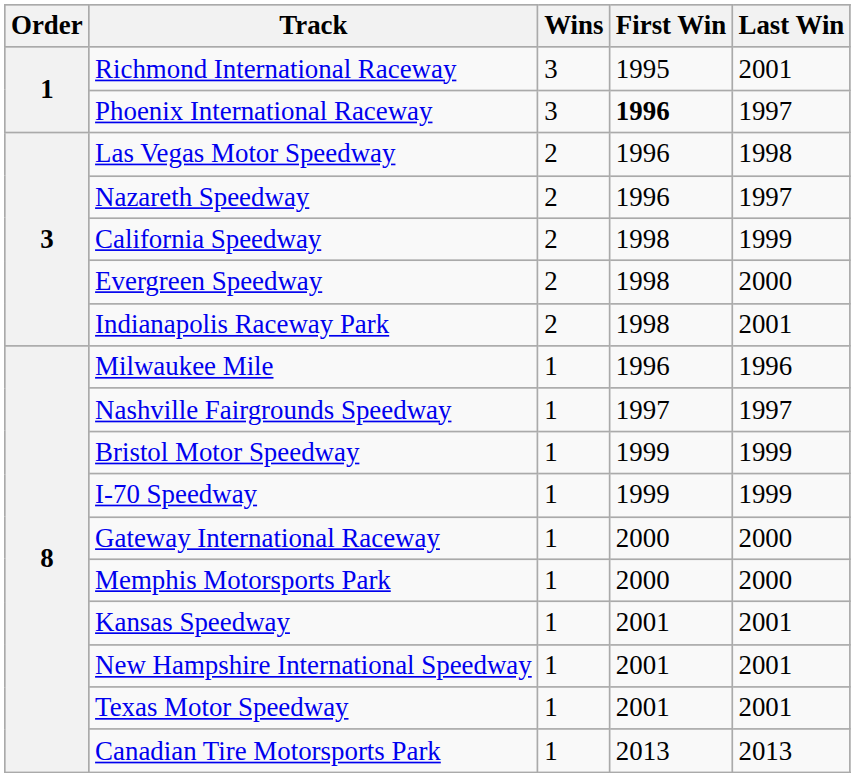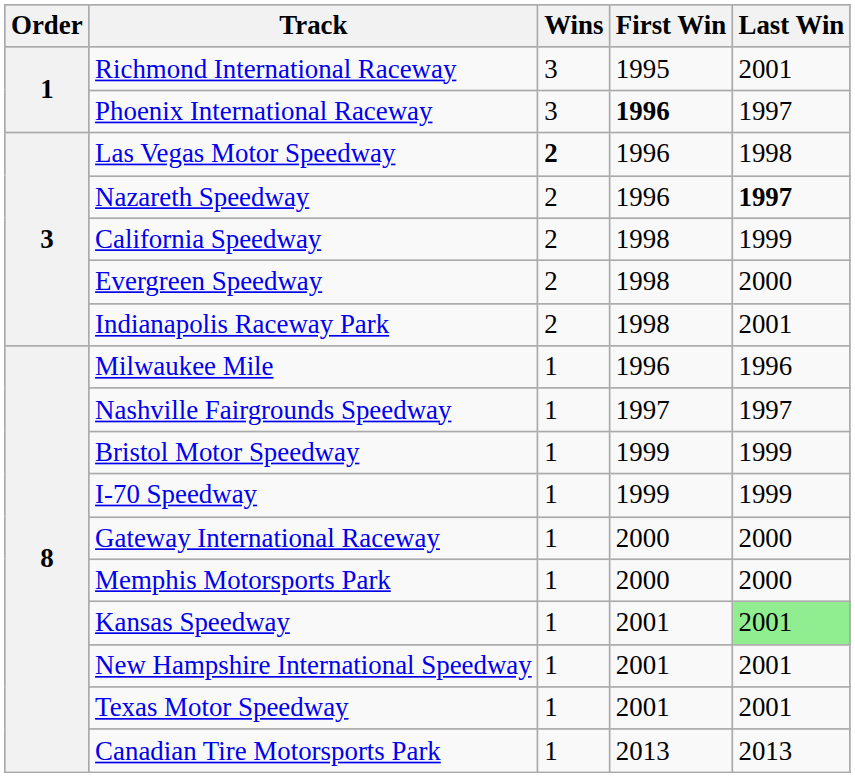 <table class="wikitable sortable">
 <tr>
 <th scope="col">Order</th>
 <th scope="col">Track</th>
 <th scope="col">Wins</th>
 <th scope="col">First Win</th>
 <th scope="col">Last Win</th>
 </tr>
 <tr>
 <th rowspan="2" scope="row">1</th>
 <td><a href='#'>Richmond International Raceway</a></td>
 <td>3</td>
 <td>1995</td>
 <td>2001</td>
 </tr>
 <tr>
 <td><a href='#'>Phoenix International Raceway</a></td>
 <td>3</td>
 <td><strong>1996</strong></td>
 <td>1997</td>
 </tr>
 <tr>
 <th rowspan="5" scope="row">3</th>
 <td><a href='#'>Las Vegas Motor Speedway</a></td>
-<td>2</td>
+<td><strong>2</strong></td>
 <td>1996</td>
 <td>1998</td>
 </tr>
 <tr>
 <td><a href='#'>Nazareth Speedway</a></td>
 <td>2</td>
 <td>1996</td>
-<td>1997</td>
+<td><strong>1997</strong></td>
 </tr>
 <tr>
 <td><a href='#'>California Speedway</a></td>
 <td>2</td>
 <td>1998</td>
 <td>1999</td>
 </tr>
 <tr>
 <td><a href='#'>Evergreen Speedway</a></td>
 <td>2</td>
 <td>1998</td>
 <td>2000</td>
 </tr>
 <tr>
 <td><a href='#'>Indianapolis Raceway Park</a></td>
 <td>2</td>
 <td>1998</td>
 <td>2001</td>
 </tr>
 <tr>
 <th rowspan="10" scope="row">8</th>
 <td><a href='#'>Milwaukee Mile</a></td>
 <td>1</td>
 <td>1996</td>
 <td>1996</td>
 </tr>
 <tr>
 <td><a href='#'>Nashville Fairgrounds Speedway</a></td>
 <td>1</td>
 <td>1997</td>
 <td>1997</td>
 </tr>
 <tr>
 <td><a href='#'>Bristol Motor Speedway</a></td>
 <td>1</td>
 <td>1999</td>
 <td>1999</td>
 </tr>
 <tr>
 <td><a href='#'>I-70 Speedway</a></td>
 <td>1</td>
 <td>1999</td>
 <td>1999</td>
 </tr>
 <tr>
 <td><a href='#'>Gateway International Raceway</a></td>
 <td>1</td>
 <td>2000</td>
 <td>2000</td>
 </tr>
 <tr>
 <td><a href='#'>Memphis Motorsports Park</a></td>
 <td>1</td>
 <td>2000</td>
 <td>2000</td>
 </tr>
 <tr>
 <td><a href='#'>Kansas Speedway</a></td>
 <td>1</td>
 <td>2001</td>
-<td>2001</td>
+<td style="background: lightgreen;">2001</td>
 </tr>
 <tr>
 <td><a href='#'>New Hampshire International Speedway</a></td>
 <td>1</td>
 <td>2001</td>
 <td>2001</td>
 </tr>
 <tr>
 <td><a href='#'>Texas Motor Speedway</a></td>
 <td>1</td>
 <td>2001</td>
 <td>2001</td>
 </tr>
 <tr>
 <td><a href='#'>Canadian Tire Motorsports Park</a></td>
 <td>1</td>
 <td>2013</td>
 <td>2013</td>
 </tr>
 <tr>
 </tr>
 </table>
